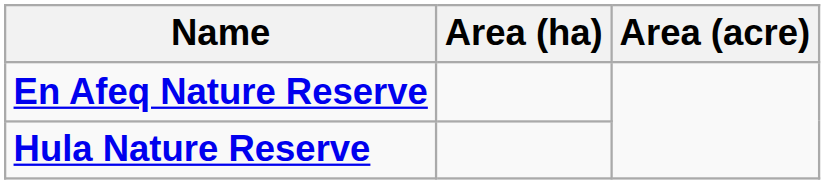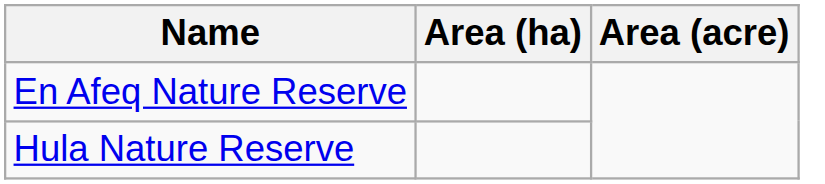 <table class="wikitable sortable">
 <tr>
 <th scope="col" align=left>Name</th>
 <th scope="col">Area (ha)</th>
 <th scope="col">Area (acre)</th>
 </tr>
 <tr ---->
-<td><strong><a href='#'>En Afeq Nature Reserve</a></strong></td>
+<td><a href='#'>En Afeq Nature Reserve</a></td>
 <td></td>
 </tr>
 <tr ---->
-<td><strong><a href='#'>Hula Nature Reserve</a></strong></td>
+<td><a href='#'>Hula Nature Reserve</a></td>
 <td></td>
 </tr>
 </table>
